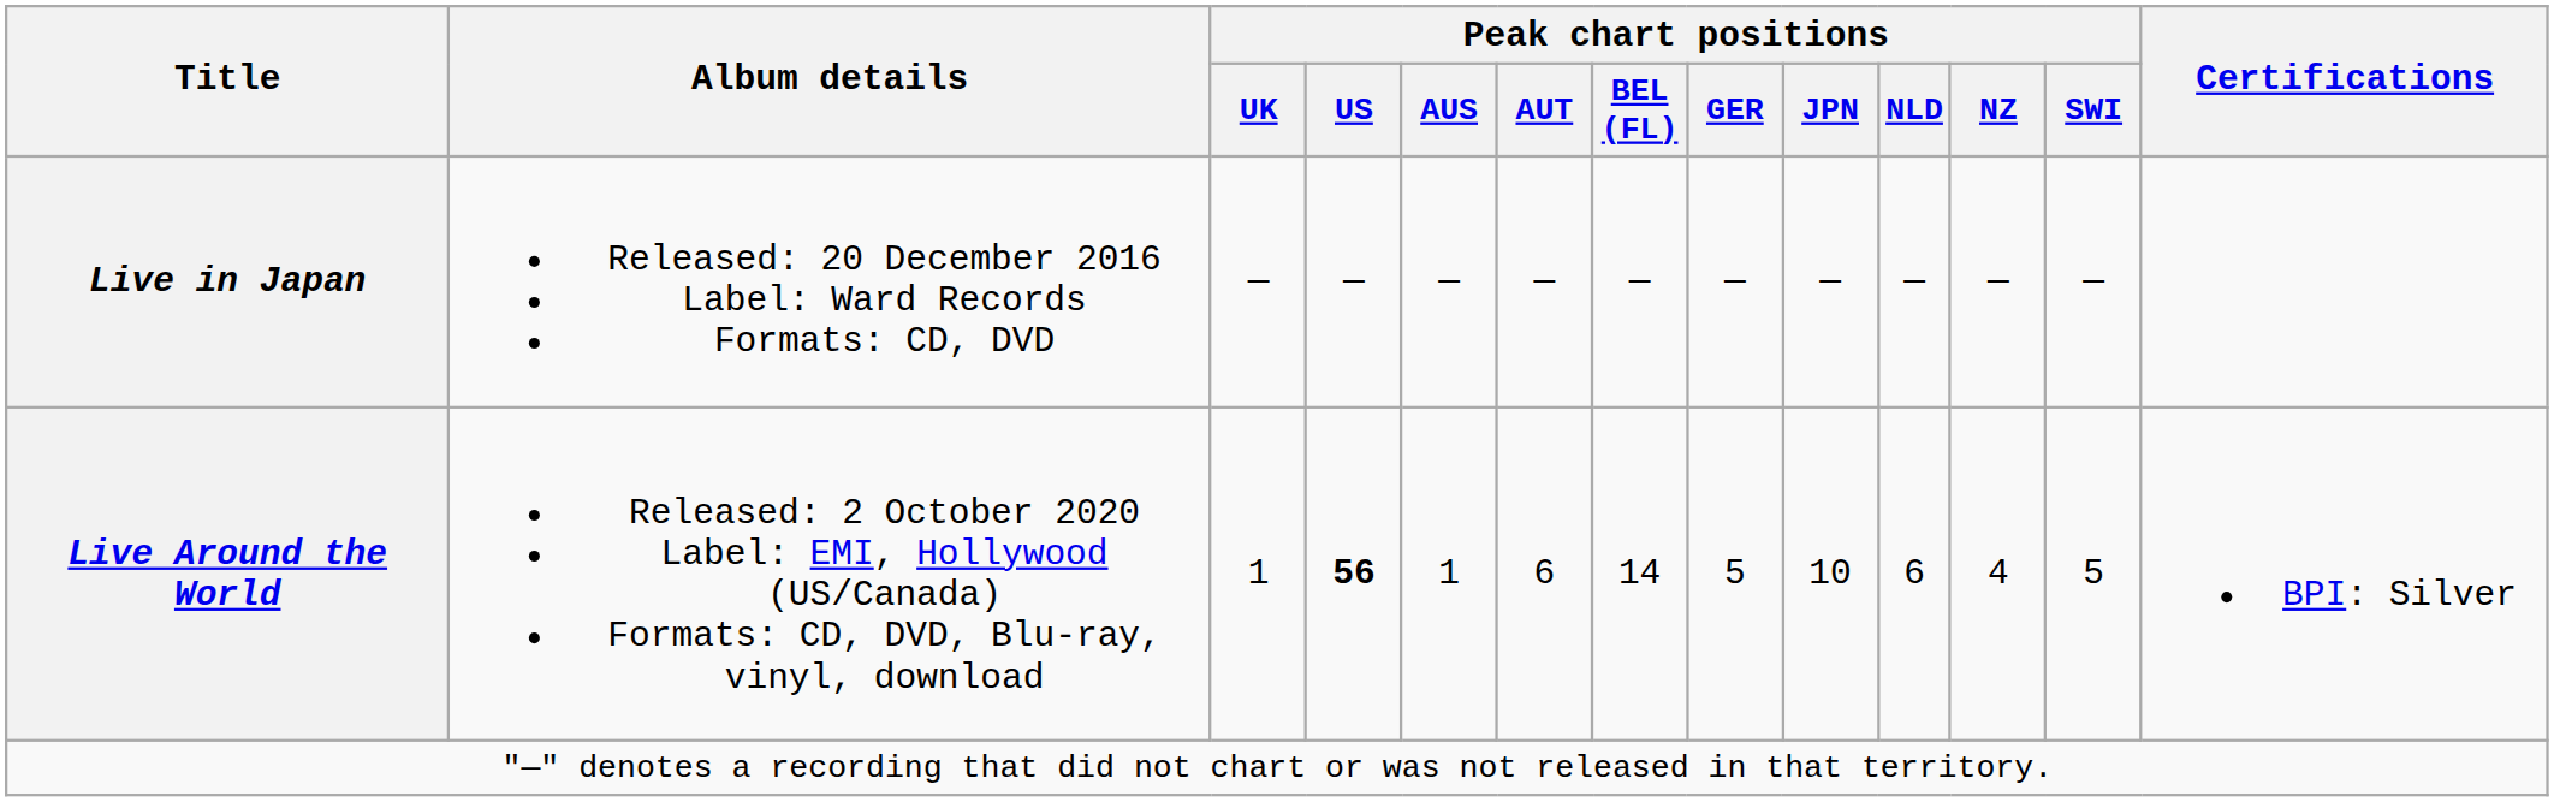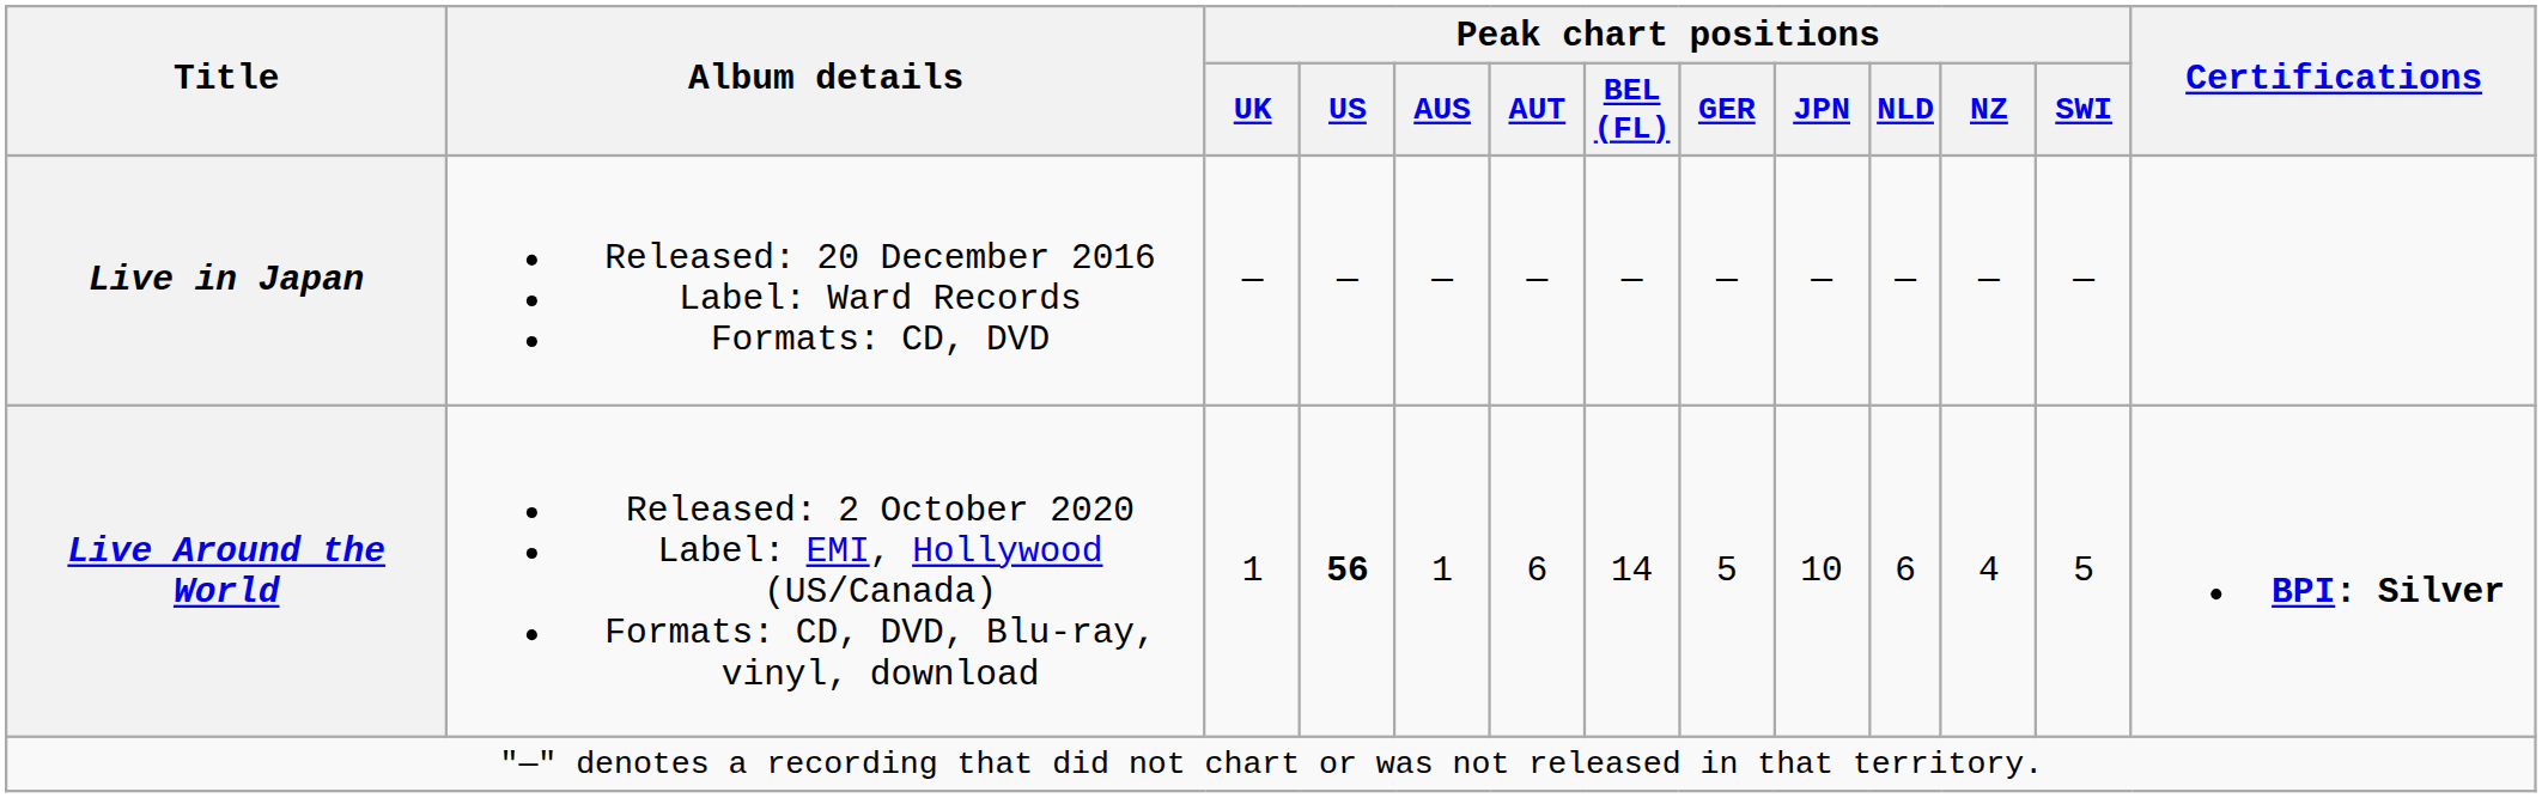 <table class="wikitable plainrowheaders" style="text-align:center;">
 <tr>
 <th scope="col" rowspan="2" style="width:12em;">Title</th>
 <th scope="col" rowspan="2" style="width:21em;">Album details</th>
 <th scope="col" colspan="10">Peak chart positions</th>
 <th scope="col" rowspan="2" style="width:11em;"><a href='#'>Certifications</a></th>
 </tr>
 <tr>
 <th scope="col" style="width:2.5em;font-size:90%;"><a href='#'>UK</a><br></th>
 <th scope="col" style="width:2.5em;font-size:90%;"><a href='#'>US</a><br></th>
 <th scope="col" style="width:2.5em;font-size:90%;"><a href='#'>AUS</a><br></th>
 <th scope="col" style="width:2.5em;font-size:90%;"><a href='#'>AUT</a><br></th>
 <th scope="col" style="width:2.5em;font-size:90%;"><a href='#'>BEL<br>(FL)</a><br></th>
 <th scope="col" style="width:2.5em;font-size:90%;"><a href='#'>GER</a><br></th>
 <th scope="col" style="width:2.5em;font-size:90%;"><a href='#'>JPN</a><br></th>
 <th scope="col" style="width:1.5em;font-size:90%;"><a href='#'>NLD</a><br></th>
 <th scope="col" style="width:2.5em;font-size:90%;"><a href='#'>NZ</a><br></th>
 <th scope="col" style="width:2.5em;font-size:90%;"><a href='#'>SWI</a><br></th>
 </tr>
 <tr>
 <th scope="row"><em>Live in Japan</em></th>
 <td><br><ul><li>Released: 20 December 2016</li><li>Label: Ward Records</li><li>Formats: CD, DVD</li></ul></td>
 <td>—</td>
 <td>—</td>
 <td>—</td>
 <td>—</td>
 <td>—</td>
 <td>—</td>
 <td>—</td>
 <td>—</td>
 <td>—</td>
 <td>—</td>
 </tr>
 <tr>
 <th scope="row"><em><a href='#'>Live Around the World</a></em></th>
 <td><br><ul><li>Released: 2 October 2020</li><li>Label: <a href='#'>EMI</a>, <a href='#'>Hollywood</a> (US/Canada)</li><li>Formats: CD, DVD, Blu-ray, vinyl, download</li></ul></td>
 <td>1</td>
 <td><strong>56</strong></td>
 <td>1</td>
 <td>6</td>
 <td>14</td>
 <td>5</td>
 <td>10</td>
 <td>6</td>
 <td>4</td>
 <td>5</td>
-<td><br><ul><li><a href='#'>BPI</a>: Silver</li></ul></td>
+<td><strong><br><ul><li><a href='#'>BPI</a>: Silver</li></ul></strong></td>
 </tr>
 <tr>
 <td colspan="14" style="font-size:90%">"—" denotes a recording that did not chart or was not released in that territory.</td>
 </tr>
 </table>
